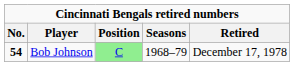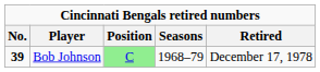 <table class="wikitable sortable" style="text-align:center">
 <tr>
 <td colspan=5><strong>Cincinnati Bengals retired numbers</strong></td>
 </tr>
 <tr>
 <th>No.</th>
 <th>Player</th>
 <th>Position</th>
 <th>Seasons</th>
 <th>Retired</th>
 </tr>
 <tr>
-<td><strong>54</strong></td>
+<td><strong>39</strong></td>
 <td><a href='#'>Bob Johnson</a></td>
 <td style="background: lightgreen;"><a href='#'>C</a></td>
 <td>1968–79</td>
 <td>December 17, 1978</td>
 </tr>
 </table>
